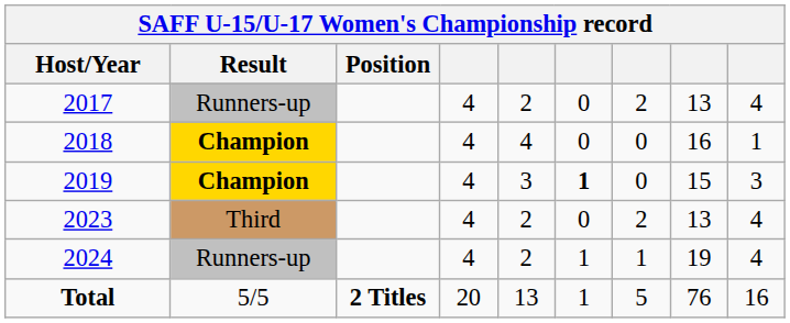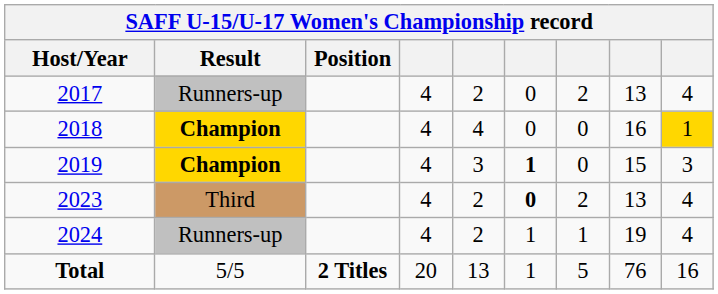 <table class="wikitable" style="text-align: center;">
 <tr>
 <th colspan=9 style="background:color: #0000FF;"><a href='#'>SAFF U-15/U-17 Women's Championship</a> record</th>
 </tr>
 <tr>
 <th style="width:100px;">Host/Year</th>
 <th style="width:100px;">Result</th>
 <th style="width:60px;">Position</th>
 <th style="width:30px;"></th>
 <th style="width:30px;"></th>
 <th style="width:30px;"></th>
 <th style="width:30px;"></th>
 <th style="width:30px;"></th>
 <th style="width:30px;"></th>
 </tr>
 <tr>
 <td> <a href='#'>2017</a></td>
 <td style="background:silver;">Runners-up</td>
 <td></td>
 <td>4</td>
 <td>2</td>
 <td>0</td>
 <td>2</td>
 <td>13</td>
 <td>4</td>
 </tr>
 <tr>
 <td> <a href='#'>2018</a></td>
 <td style="background:gold;"><strong>Champion</strong></td>
 <td><strong></strong></td>
 <td>4</td>
 <td>4</td>
 <td>0</td>
 <td>0</td>
 <td>16</td>
-<td>1</td>
+<td style="background: gold;">1</td>
 </tr>
 <tr>
 <td> <a href='#'>2019</a></td>
 <td style="background:gold;"><strong>Champion</strong></td>
 <td><strong></strong></td>
 <td>4</td>
 <td>3</td>
 <td><strong>1</strong></td>
 <td>0</td>
 <td>15</td>
 <td>3</td>
 </tr>
 <tr>
 <td> <a href='#'>2023</a></td>
 <td style="background:#c96;">Third</td>
 <td><strong></strong></td>
 <td>4</td>
 <td>2</td>
-<td>0</td>
+<td><strong>0</strong></td>
 <td>2</td>
 <td>13</td>
 <td>4</td>
 </tr>
 <tr>
 <td> <a href='#'>2024</a></td>
 <td style="background:silver;">Runners-up</td>
 <td><strong></strong></td>
 <td>4</td>
 <td>2</td>
 <td>1</td>
 <td>1</td>
 <td>19</td>
 <td>4</td>
 </tr>
 <tr>
 <td><strong>Total</strong></td>
 <td>5/5</td>
 <td><strong>2 Titles</strong></td>
 <td>20</td>
 <td>13</td>
 <td>1</td>
 <td>5</td>
 <td>76</td>
 <td>16</td>
 </tr>
 </table>
